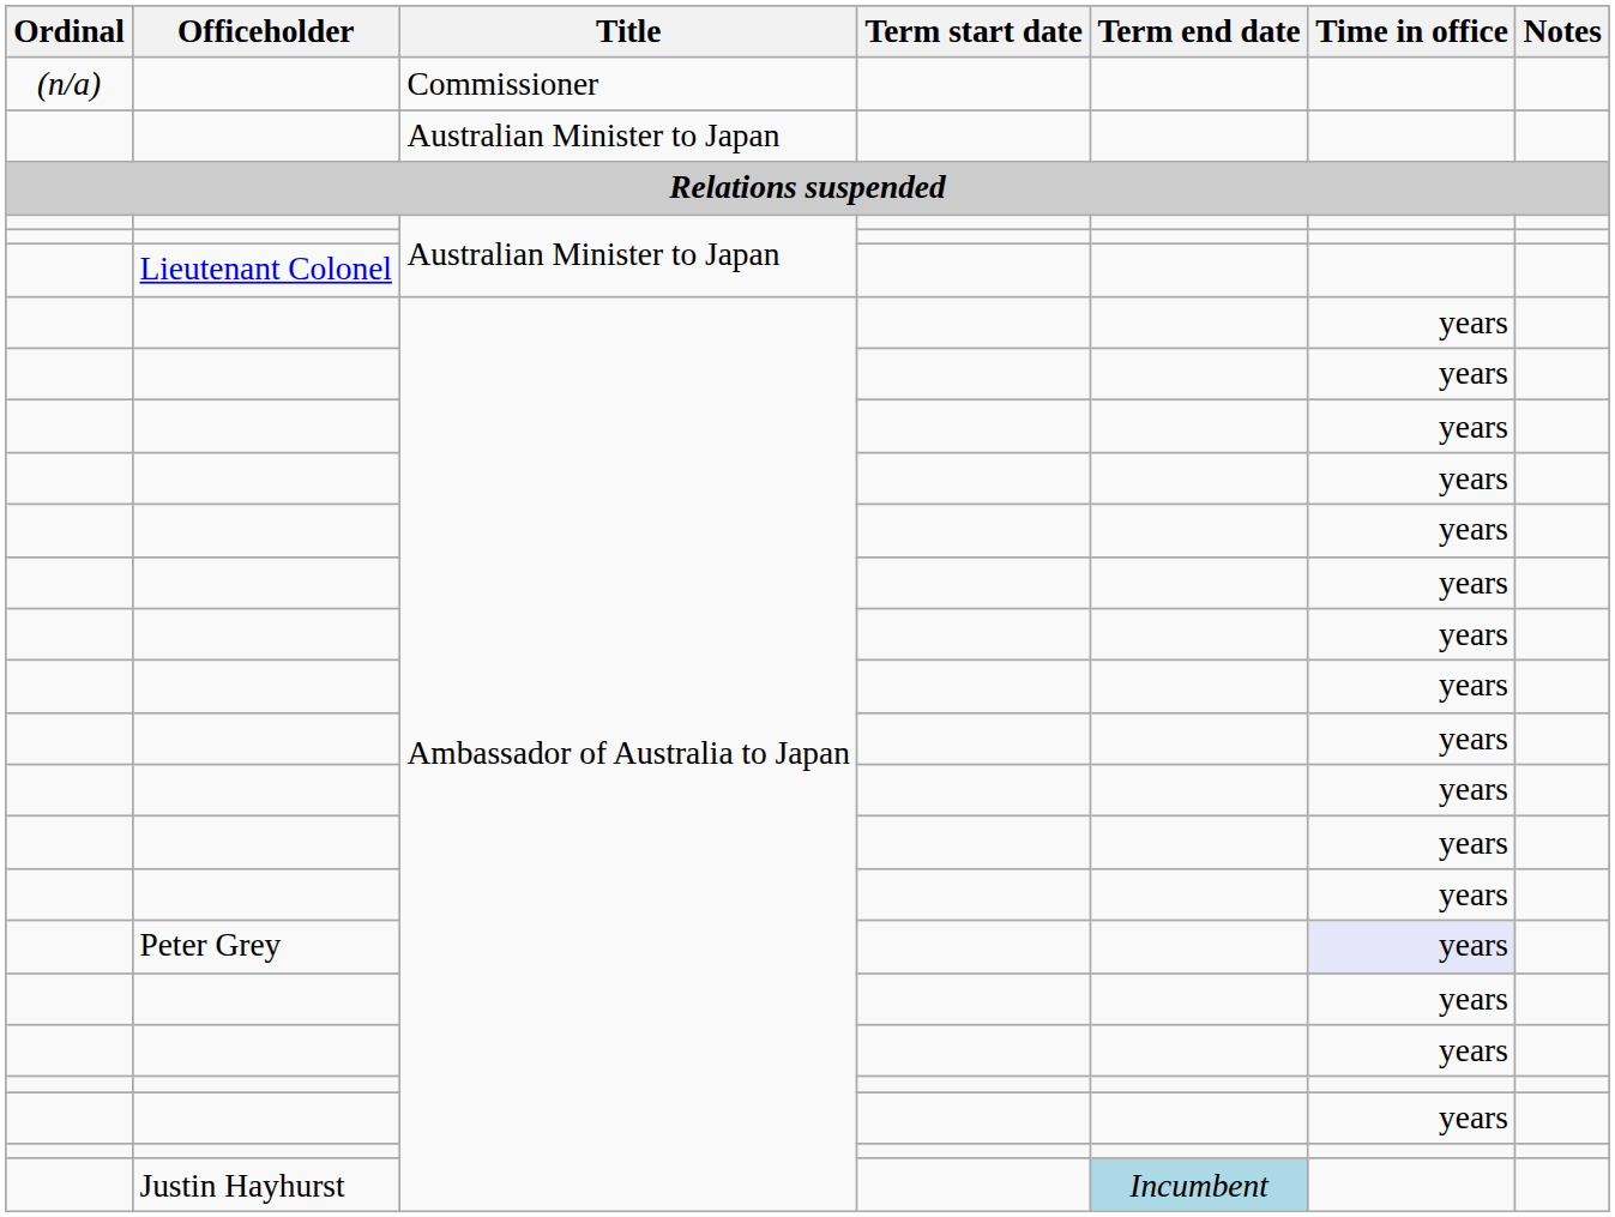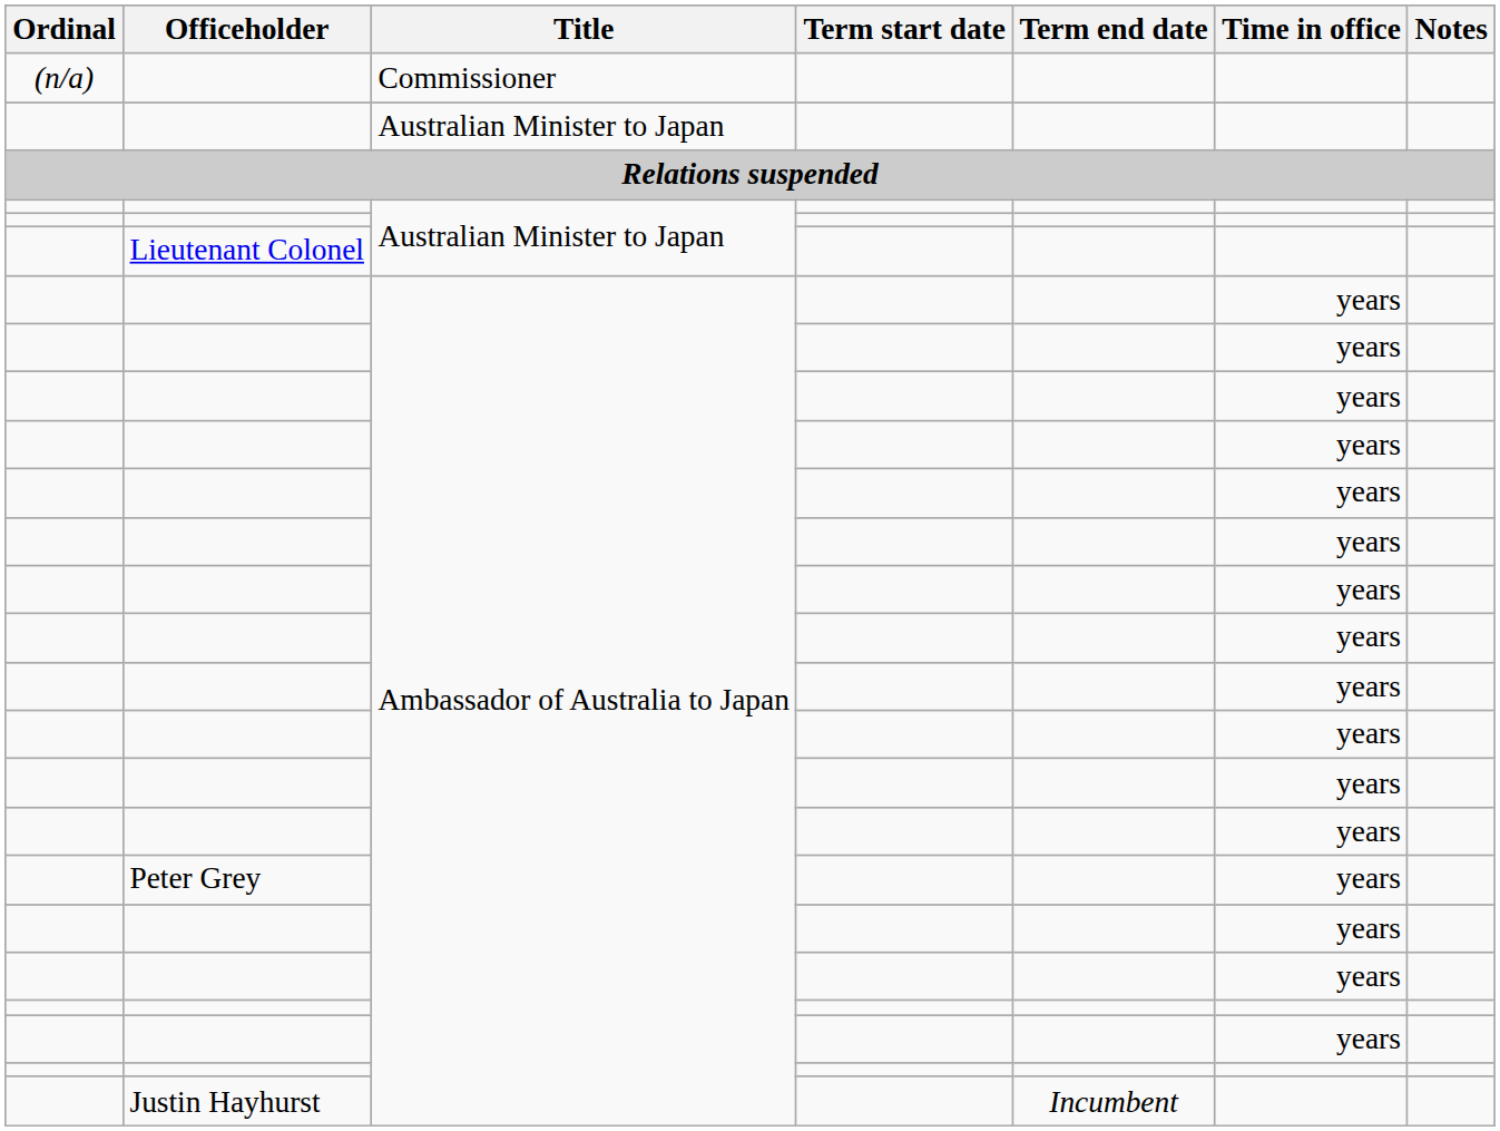 <table class='wikitable sortable'>
 <tr>
 <th>Ordinal</th>
 <th>Officeholder</th>
 <th>Title</th>
 <th>Term start date</th>
 <th>Term end date</th>
 <th>Time in office</th>
 <th>Notes</th>
 </tr>
 <tr>
 <td align=center><em>(n/a)</em></td>
 <td> </td>
 <td>Commissioner</td>
 <td align=center></td>
 <td align=center></td>
 <td align=right></td>
 <td></td>
 </tr>
 <tr>
 <td align=center></td>
 <td> </td>
 <td>Australian Minister to Japan</td>
 <td align=center></td>
 <td align=center></td>
 <td align=right></td>
 <td></td>
 </tr>
 <tr>
 <th colspan=7 style="background: #cccccc;"><em>Relations suspended</em></th>
 </tr>
 <tr>
 <td align=center></td>
 <td></td>
 <td rowspan=3>Australian Minister to Japan</td>
 <td align=center></td>
 <td align=center></td>
 <td align=right></td>
 <td></td>
 </tr>
 <tr>
 <td align=center></td>
 <td></td>
 <td align=center></td>
 <td align=center></td>
 <td align=right></td>
 <td></td>
 </tr>
 <tr>
 <td align=center></td>
 <td><a href='#'>Lieutenant Colonel</a>  </td>
 <td align=center></td>
 <td align=center></td>
 <td align=right></td>
 <td></td>
 </tr>
 <tr>
 <td align=center></td>
 <td></td>
 <td rowspan=19>Ambassador of Australia to Japan</td>
 <td align=center></td>
 <td align=center></td>
 <td align=right> years</td>
 <td></td>
 </tr>
 <tr>
 <td align=center></td>
 <td> </td>
 <td align=center></td>
 <td align=center></td>
 <td align=right> years</td>
 <td></td>
 </tr>
 <tr>
 <td align=center></td>
 <td> </td>
 <td align=center></td>
 <td align=center></td>
 <td align=right> years</td>
 <td></td>
 </tr>
 <tr>
 <td align=center></td>
 <td> </td>
 <td align=center></td>
 <td align=center></td>
 <td align=right> years</td>
 <td></td>
 </tr>
 <tr>
 <td align=center></td>
 <td></td>
 <td align=center></td>
 <td align=center></td>
 <td align=right> years</td>
 <td></td>
 </tr>
 <tr>
 <td align=center></td>
 <td> </td>
 <td align=center></td>
 <td align=center></td>
 <td align=right> years</td>
 <td></td>
 </tr>
 <tr>
 <td align=center></td>
 <td></td>
 <td align=center></td>
 <td align=center></td>
 <td align=right> years</td>
 <td></td>
 </tr>
 <tr>
 <td align=center></td>
 <td> </td>
 <td align=center></td>
 <td align=center></td>
 <td align=right> years</td>
 <td></td>
 </tr>
 <tr>
 <td align=center></td>
 <td> </td>
 <td align=center></td>
 <td align=center></td>
 <td align=right> years</td>
 <td></td>
 </tr>
 <tr>
 <td align=center></td>
 <td></td>
 <td align=center></td>
 <td align=center></td>
 <td align=right> years</td>
 <td></td>
 </tr>
 <tr>
 <td align=center></td>
 <td> </td>
 <td align=center></td>
 <td align=center></td>
 <td align=right> years</td>
 <td></td>
 </tr>
 <tr>
 <td align=center></td>
 <td></td>
 <td align=center></td>
 <td align=center></td>
 <td align=right> years</td>
 <td></td>
 </tr>
 <tr>
 <td align=center></td>
 <td>Peter Grey</td>
 <td align=center></td>
 <td align=center></td>
-<td align=right style="background: lavender;"> years</td>
+<td align=right> years</td>
 <td></td>
 </tr>
 <tr>
 <td align=center></td>
 <td> </td>
 <td align=center></td>
 <td align=center></td>
 <td align=right> years</td>
 <td></td>
 </tr>
 <tr>
 <td align=center></td>
 <td> </td>
 <td align=center></td>
 <td align=center></td>
 <td align=right> years</td>
 <td></td>
 </tr>
 <tr>
 <td align=center></td>
 <td> </td>
 <td align=center></td>
 <td align=center></td>
 <td align=right></td>
 <td></td>
 </tr>
 <tr>
 <td align=center></td>
 <td> </td>
 <td align=center></td>
 <td align=center></td>
 <td align=right> years</td>
 <td></td>
 </tr>
 <tr>
 <td align=center></td>
 <td> </td>
 <td align=center></td>
 <td align=center></td>
 <td align=right></td>
 <td></td>
 </tr>
 <tr>
 <td align=center></td>
 <td>Justin Hayhurst</td>
 <td align=center></td>
-<td align=center style="background: lightblue;"><em>Incumbent</em></td>
+<td align=center><em>Incumbent</em></td>
 <td align=right></td>
 <td></td>
 </tr>
 </table>
